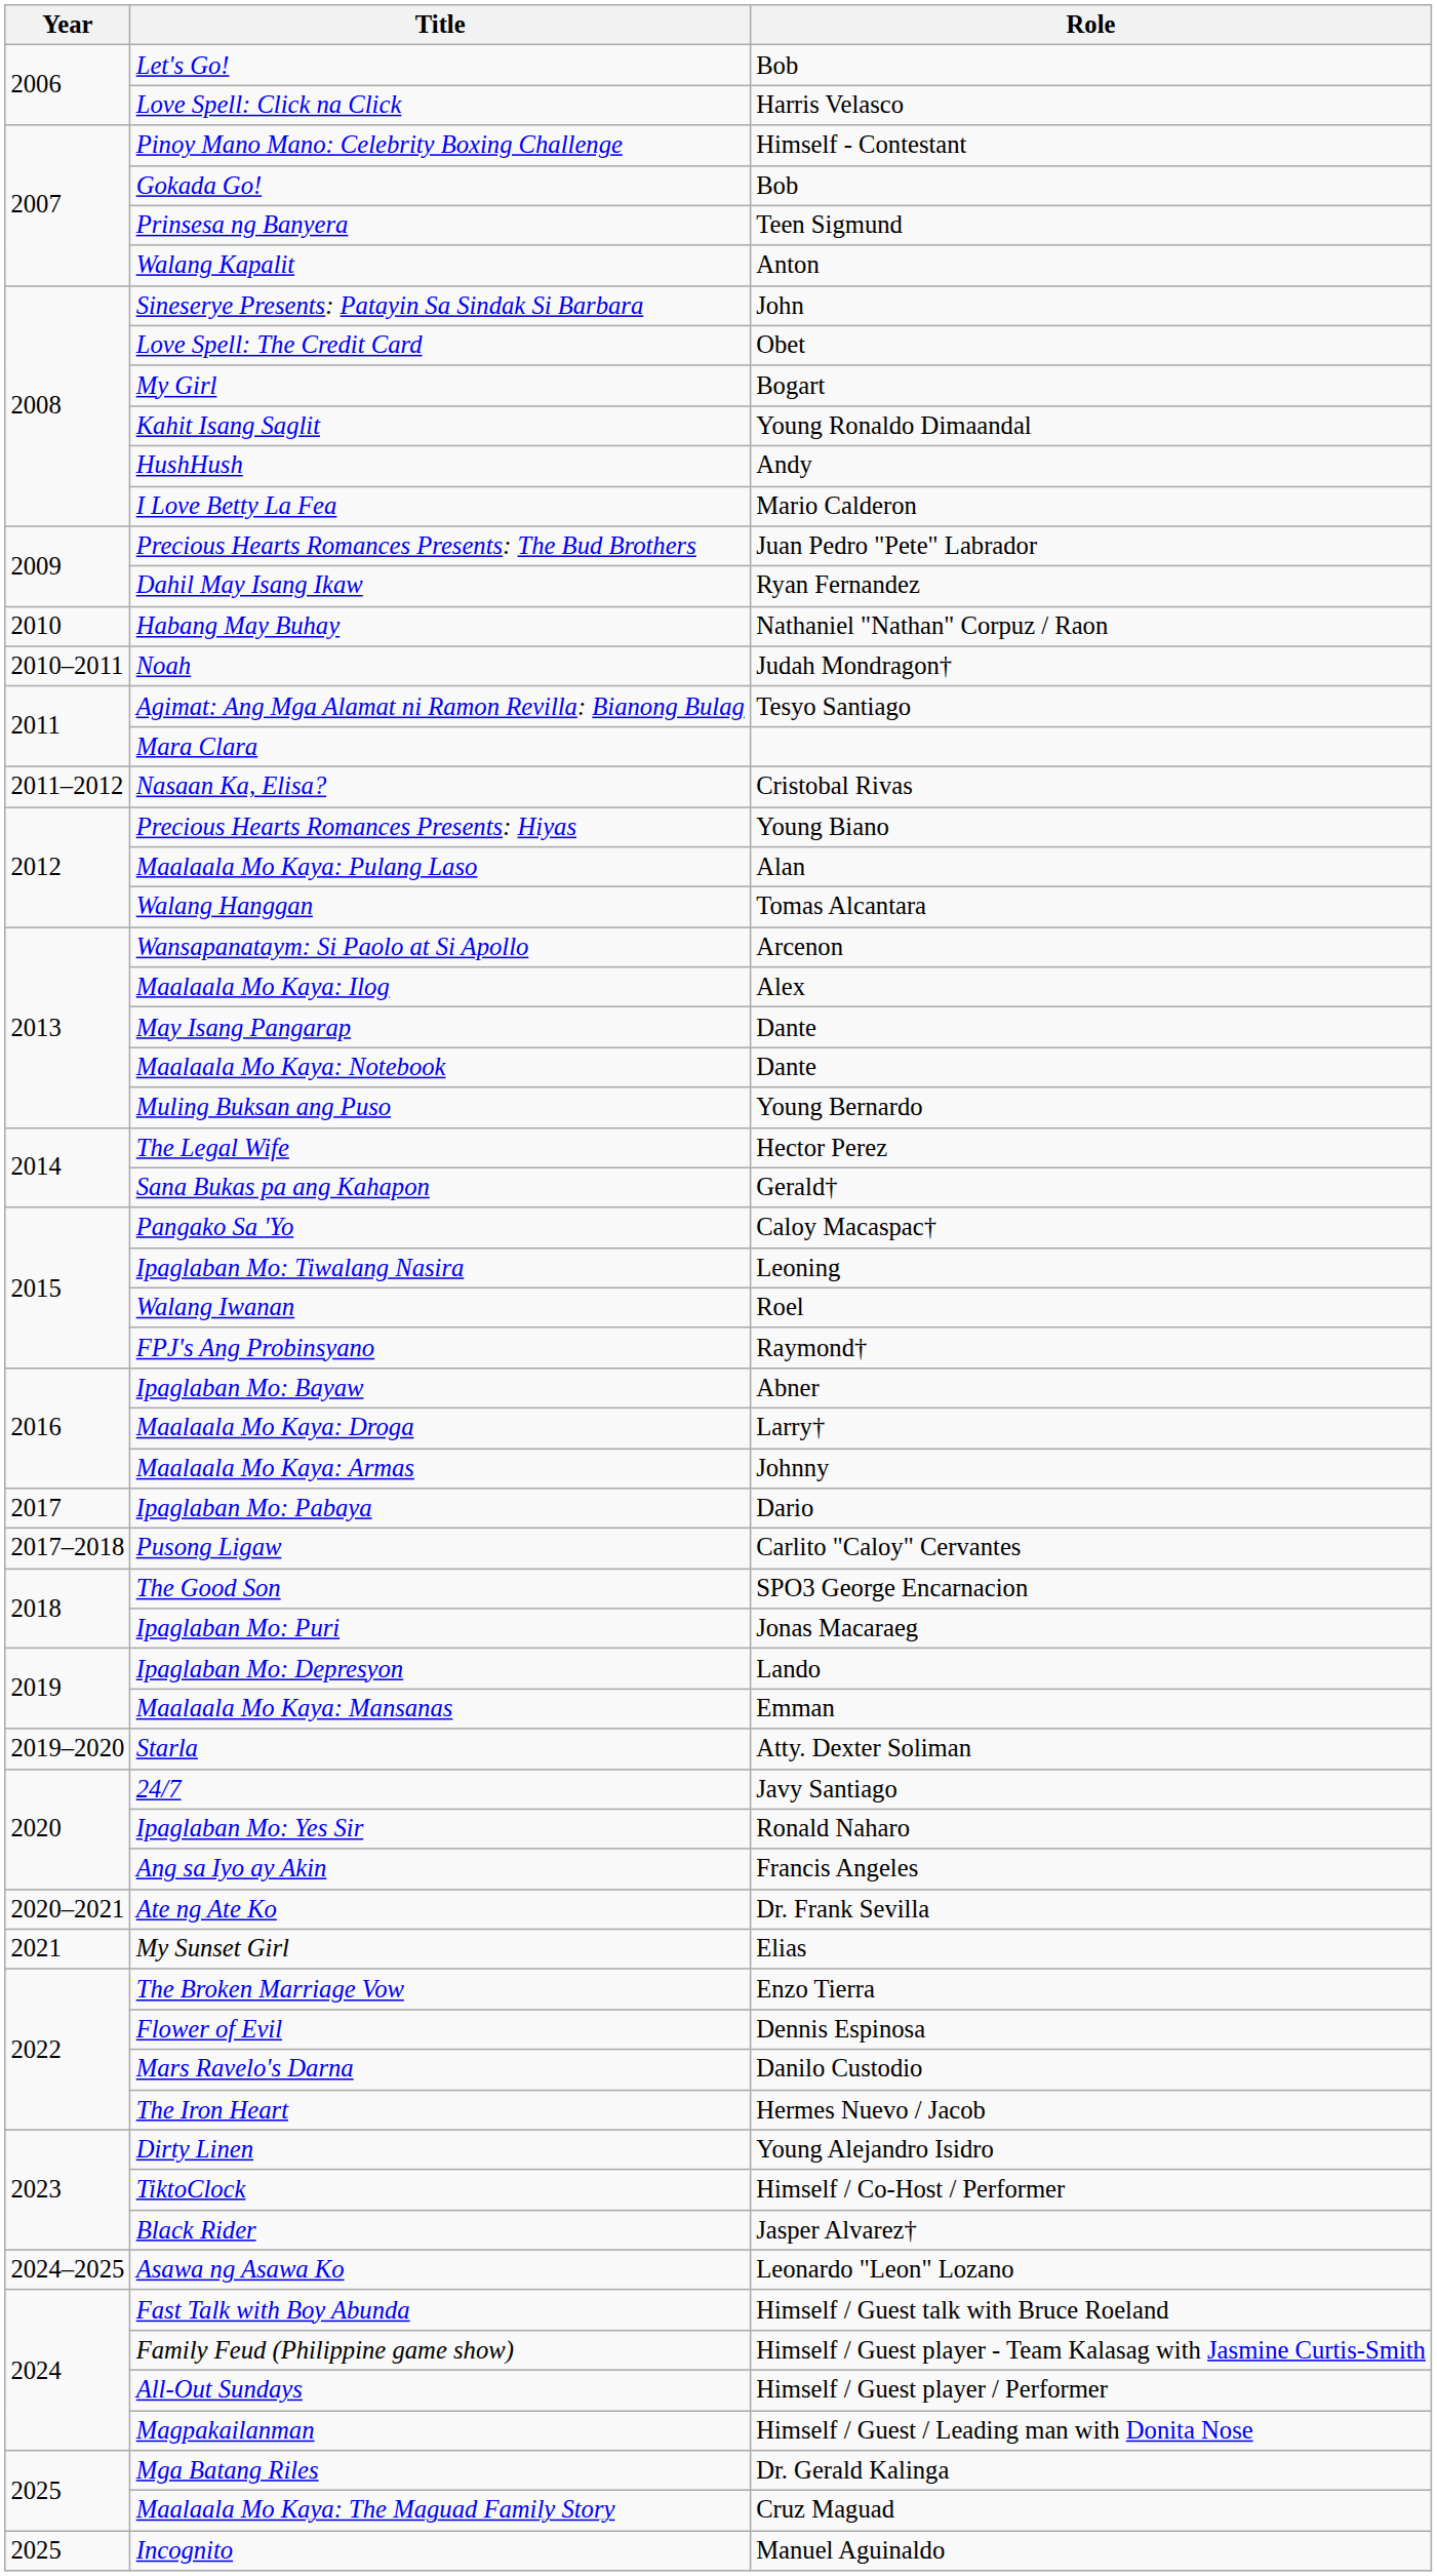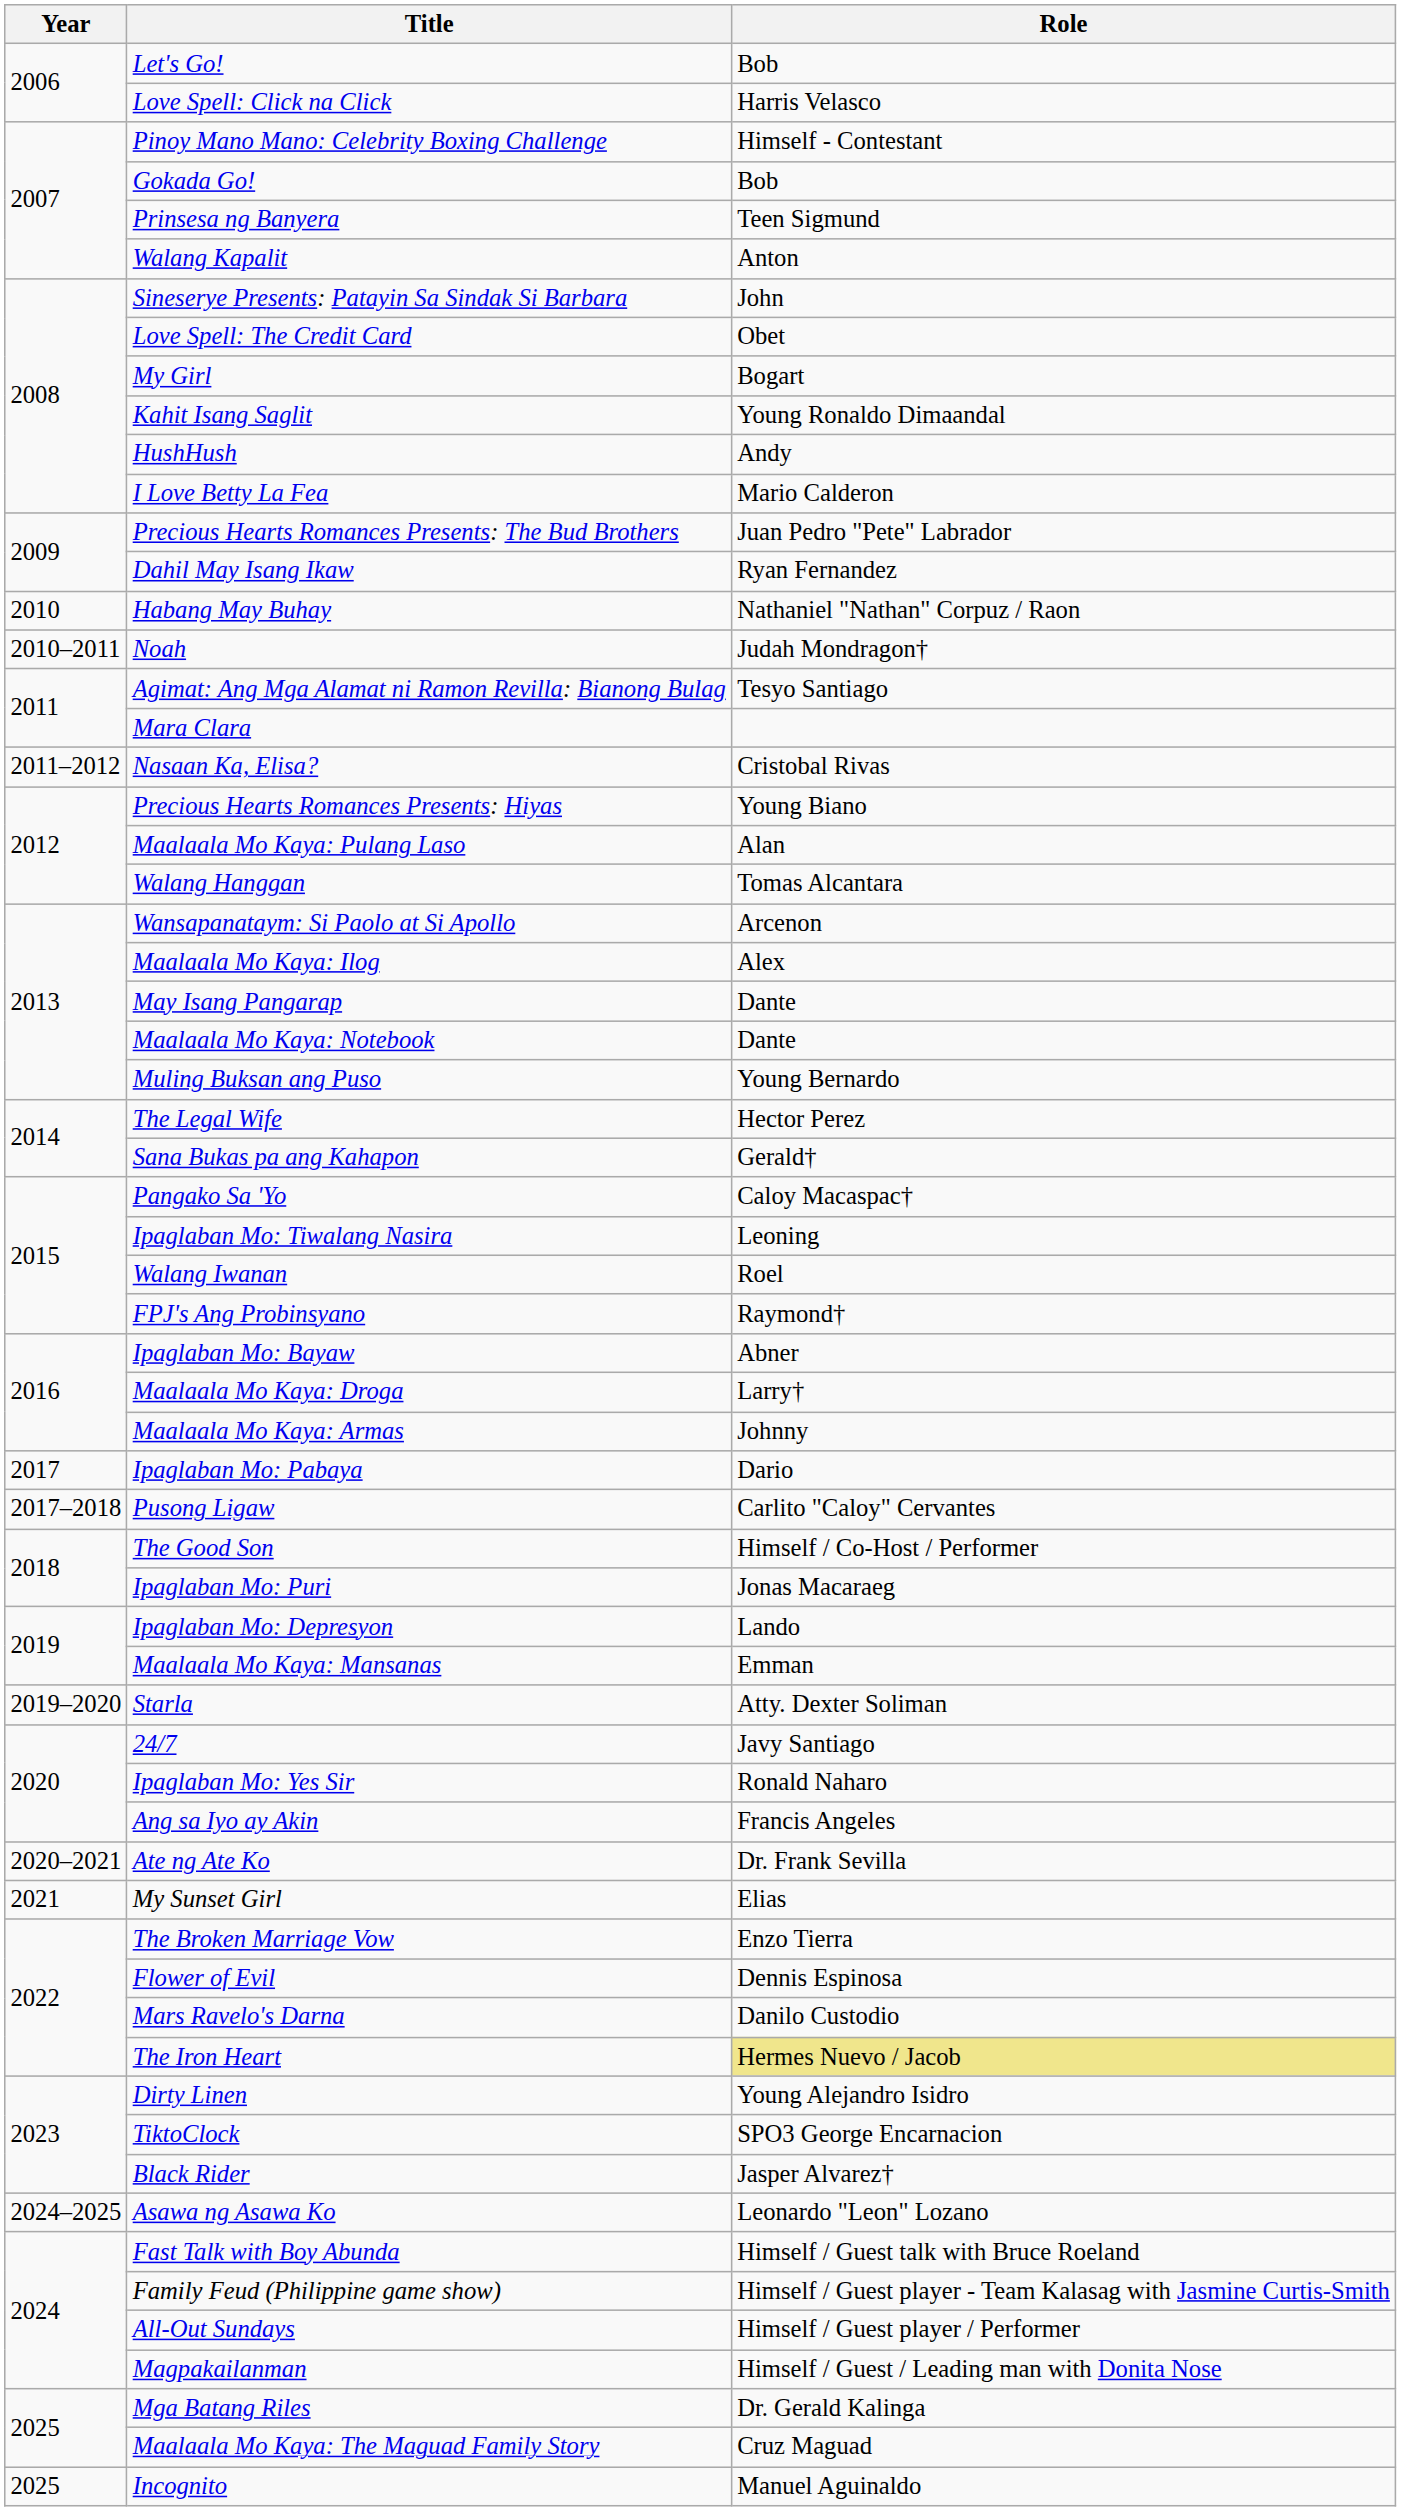 <table class="wikitable sortable">
 <tr>
 <th>Year</th>
 <th>Title</th>
 <th>Role</th>
 </tr>
 <tr>
 <td rowspan="2'">2006</td>
 <td><em><a href='#'>Let's Go!</a></em></td>
 <td>Bob</td>
 </tr>
 <tr>
 <td><em><a href='#'>Love Spell: Click na Click</a></em></td>
 <td>Harris Velasco</td>
 </tr>
 <tr>
 <td rowspan="4">2007</td>
 <td><em><a href='#'>Pinoy Mano Mano: Celebrity Boxing Challenge</a></em></td>
 <td>Himself - Contestant</td>
 </tr>
 <tr>
 <td><em><a href='#'>Gokada Go!</a></em></td>
 <td>Bob</td>
 </tr>
 <tr>
 <td><em><a href='#'>Prinsesa ng Banyera</a></em></td>
 <td>Teen Sigmund</td>
 </tr>
 <tr>
 <td><em><a href='#'>Walang Kapalit</a></em></td>
 <td>Anton</td>
 </tr>
 <tr>
 <td rowspan="6">2008</td>
 <td><em><a href='#'>Sineserye Presents</a>: <a href='#'>Patayin Sa Sindak Si Barbara</a></em></td>
 <td>John</td>
 </tr>
 <tr>
 <td><em><a href='#'>Love Spell: The Credit Card</a></em></td>
 <td>Obet</td>
 </tr>
 <tr>
 <td><em><a href='#'>My Girl</a></em></td>
 <td>Bogart</td>
 </tr>
 <tr>
 <td><em><a href='#'>Kahit Isang Saglit</a></em></td>
 <td>Young Ronaldo Dimaandal</td>
 </tr>
 <tr>
 <td><em><a href='#'>HushHush</a></em></td>
 <td>Andy</td>
 </tr>
 <tr>
 <td><em><a href='#'>I Love Betty La Fea</a></em></td>
 <td>Mario Calderon</td>
 </tr>
 <tr>
 <td rowspan="2">2009</td>
 <td><em><a href='#'>Precious Hearts Romances Presents</a>: <a href='#'>The Bud Brothers</a></em></td>
 <td>Juan Pedro "Pete" Labrador</td>
 </tr>
 <tr>
 <td><em><a href='#'>Dahil May Isang Ikaw</a></em></td>
 <td>Ryan Fernandez</td>
 </tr>
 <tr>
 <td>2010</td>
 <td><em><a href='#'>Habang May Buhay</a></em></td>
 <td>Nathaniel "Nathan" Corpuz / Raon</td>
 </tr>
 <tr>
 <td>2010–2011</td>
 <td><em><a href='#'>Noah</a></em></td>
 <td>Judah Mondragon†</td>
 </tr>
 <tr>
 <td rowspan="2">2011</td>
 <td><em><a href='#'>Agimat: Ang Mga Alamat ni Ramon Revilla</a>: <a href='#'>Bianong Bulag</a></em></td>
 <td>Tesyo Santiago</td>
 </tr>
 <tr>
 <td><em><a href='#'>Mara Clara</a></em></td>
 <td></td>
 </tr>
 <tr>
 <td>2011–2012</td>
 <td><em><a href='#'>Nasaan Ka, Elisa?</a></em></td>
 <td>Cristobal Rivas</td>
 </tr>
 <tr>
 <td rowspan="3">2012</td>
 <td><em><a href='#'>Precious Hearts Romances Presents</a>: <a href='#'>Hiyas</a></em></td>
 <td>Young Biano</td>
 </tr>
 <tr>
 <td><em><a href='#'>Maalaala Mo Kaya: Pulang Laso</a></em></td>
 <td>Alan</td>
 </tr>
 <tr>
 <td><em><a href='#'>Walang Hanggan</a></em></td>
 <td>Tomas Alcantara</td>
 </tr>
 <tr>
 <td rowspan="5">2013</td>
 <td><em><a href='#'>Wansapanataym: Si Paolo at Si Apollo</a></em></td>
 <td>Arcenon</td>
 </tr>
 <tr>
 <td><em><a href='#'>Maalaala Mo Kaya: Ilog</a></em></td>
 <td>Alex</td>
 </tr>
 <tr>
 <td><em><a href='#'>May Isang Pangarap</a></em></td>
 <td>Dante</td>
 </tr>
 <tr>
 <td><em><a href='#'>Maalaala Mo Kaya: Notebook</a></em></td>
 <td>Dante</td>
 </tr>
 <tr>
 <td><em><a href='#'>Muling Buksan ang Puso</a></em></td>
 <td>Young Bernardo</td>
 </tr>
 <tr>
 <td rowspan="2">2014</td>
 <td><em><a href='#'>The Legal Wife</a></em></td>
 <td>Hector Perez</td>
 </tr>
 <tr>
 <td><em><a href='#'>Sana Bukas pa ang Kahapon</a></em></td>
 <td>Gerald†</td>
 </tr>
 <tr>
 <td rowspan="4">2015</td>
 <td><em><a href='#'>Pangako Sa 'Yo</a></em></td>
 <td>Caloy Macaspac†</td>
 </tr>
 <tr>
 <td><em><a href='#'>Ipaglaban Mo: Tiwalang Nasira</a></em></td>
 <td>Leoning</td>
 </tr>
 <tr>
 <td><em><a href='#'>Walang Iwanan</a></em></td>
 <td>Roel</td>
 </tr>
 <tr>
 <td><em><a href='#'>FPJ's Ang Probinsyano</a></em></td>
 <td>Raymond†</td>
 </tr>
 <tr>
 <td rowspan="3">2016</td>
 <td><em><a href='#'>Ipaglaban Mo: Bayaw</a></em></td>
 <td>Abner</td>
 </tr>
 <tr>
 <td><em><a href='#'>Maalaala Mo Kaya: Droga</a></em></td>
 <td>Larry†</td>
 </tr>
 <tr>
 <td><em><a href='#'>Maalaala Mo Kaya: Armas</a></em></td>
 <td>Johnny</td>
 </tr>
 <tr>
 <td>2017</td>
 <td><em><a href='#'>Ipaglaban Mo: Pabaya</a></em></td>
 <td>Dario</td>
 </tr>
 <tr>
 <td>2017–2018</td>
 <td><em><a href='#'>Pusong Ligaw</a></em></td>
 <td>Carlito "Caloy" Cervantes</td>
 </tr>
 <tr>
 <td rowspan="2">2018</td>
 <td><em><a href='#'>The Good Son</a></em></td>
-<td>SPO3 George Encarnacion</td>
+<td>Himself / Co-Host / Performer</td>
 </tr>
 <tr>
 <td><em><a href='#'>Ipaglaban Mo: Puri</a></em></td>
 <td>Jonas Macaraeg</td>
 </tr>
 <tr>
 <td rowspan="2">2019</td>
 <td><em><a href='#'>Ipaglaban Mo: Depresyon</a></em></td>
 <td>Lando</td>
 </tr>
 <tr>
 <td><em><a href='#'>Maalaala Mo Kaya: Mansanas</a></em> </td>
 <td>Emman</td>
 </tr>
 <tr>
 <td>2019–2020</td>
 <td><em><a href='#'>Starla</a></em></td>
 <td>Atty. Dexter Soliman</td>
 </tr>
 <tr>
 <td rowspan="3">2020</td>
 <td><em><a href='#'>24/7</a></em></td>
 <td>Javy Santiago</td>
 </tr>
 <tr>
 <td><em><a href='#'>Ipaglaban Mo: Yes Sir</a></em></td>
 <td>Ronald Naharo</td>
 </tr>
 <tr>
 <td><em><a href='#'>Ang sa Iyo ay Akin</a></em></td>
 <td>Francis Angeles</td>
 </tr>
 <tr>
 <td>2020–2021</td>
 <td><em><a href='#'>Ate ng Ate Ko</a></em></td>
 <td>Dr. Frank Sevilla</td>
 </tr>
 <tr>
 <td>2021</td>
 <td><em>My Sunset Girl</em></td>
 <td>Elias</td>
 </tr>
 <tr>
 <td rowspan="4">2022</td>
 <td><em><a href='#'>The Broken Marriage Vow</a></em></td>
 <td>Enzo Tierra</td>
 </tr>
 <tr>
 <td><em><a href='#'>Flower of Evil</a></em></td>
 <td>Dennis Espinosa</td>
 </tr>
 <tr>
 <td><em><a href='#'>Mars Ravelo's Darna</a></em></td>
 <td>Danilo Custodio</td>
 </tr>
 <tr>
 <td><em><a href='#'>The Iron Heart</a></em></td>
-<td>Hermes Nuevo / Jacob</td>
+<td style="background: khaki;">Hermes Nuevo / Jacob</td>
 </tr>
 <tr>
 <td rowspan="3">2023</td>
 <td><em><a href='#'>Dirty Linen</a></em></td>
 <td>Young Alejandro Isidro</td>
 </tr>
 <tr>
 <td><em><a href='#'>TiktoClock</a></em></td>
-<td>Himself / Co-Host / Performer</td>
+<td>SPO3 George Encarnacion</td>
 </tr>
 <tr>
 <td><em><a href='#'>Black Rider</a></em></td>
 <td>Jasper Alvarez†</td>
 </tr>
 <tr>
 <td>2024–2025</td>
 <td><em><a href='#'>Asawa ng Asawa Ko</a></em></td>
 <td>Leonardo "Leon" Lozano</td>
 </tr>
 <tr>
 <td rowspan="4">2024</td>
 <td><em><a href='#'>Fast Talk with Boy Abunda</a></em></td>
 <td>Himself / Guest talk with Bruce Roeland</td>
 </tr>
 <tr>
 <td><em>Family Feud (Philippine game show)</em></td>
 <td>Himself / Guest player - Team Kalasag with <a href='#'>Jasmine Curtis-Smith</a></td>
 </tr>
 <tr>
 <td><em><a href='#'>All-Out Sundays</a></em></td>
 <td>Himself / Guest player / Performer</td>
 </tr>
 <tr>
 <td><em><a href='#'>Magpakailanman</a></em></td>
 <td>Himself / Guest / Leading man with <a href='#'>Donita Nose</a></td>
 </tr>
 <tr>
 <td rowspan="2">2025</td>
 <td><em><a href='#'>Mga Batang Riles</a></em></td>
 <td>Dr. Gerald Kalinga</td>
 </tr>
 <tr>
 <td><em><a href='#'> Maalaala Mo Kaya: The Maguad Family Story</a></em></td>
 <td>Cruz Maguad</td>
 </tr>
 <tr>
 <td rowspan="2">2025</td>
 <td><em><a href='#'> Incognito</a></em></td>
 <td>Manuel Aguinaldo</td>
 </tr>
 </table>
